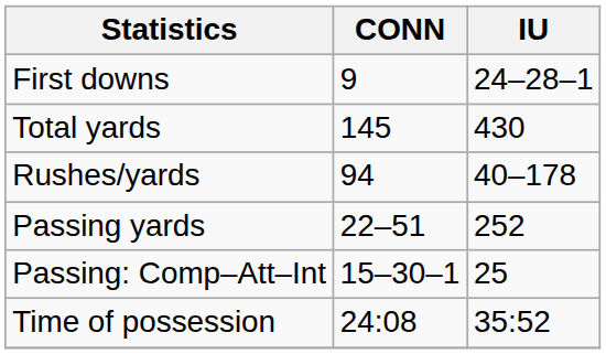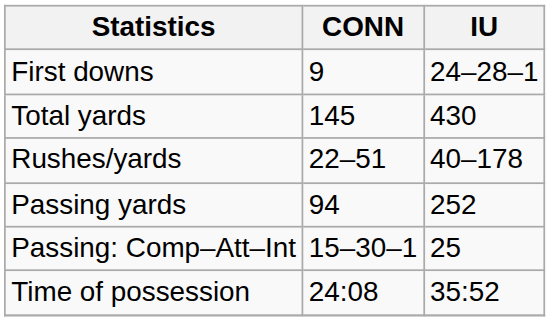 <table class="wikitable" style="float: left;">
 <tr>
 <th>Statistics</th>
 <th>CONN</th>
 <th>IU</th>
 </tr>
 <tr>
 <td>First downs</td>
 <td>9</td>
 <td>24–28–1</td>
 </tr>
 <tr>
 <td>Total yards</td>
 <td>145</td>
 <td>430</td>
 </tr>
 <tr>
 <td>Rushes/yards</td>
-<td>94</td>
+<td>22–51</td>
 <td>40–178</td>
 </tr>
 <tr>
 <td>Passing yards</td>
-<td>22–51</td>
+<td>94</td>
 <td>252</td>
 </tr>
 <tr>
 <td>Passing: Comp–Att–Int</td>
 <td>15–30–1</td>
 <td>25</td>
 </tr>
 <tr>
 <td>Time of possession</td>
 <td>24:08</td>
 <td>35:52</td>
 </tr>
 <tr>
 </tr>
 </table>
